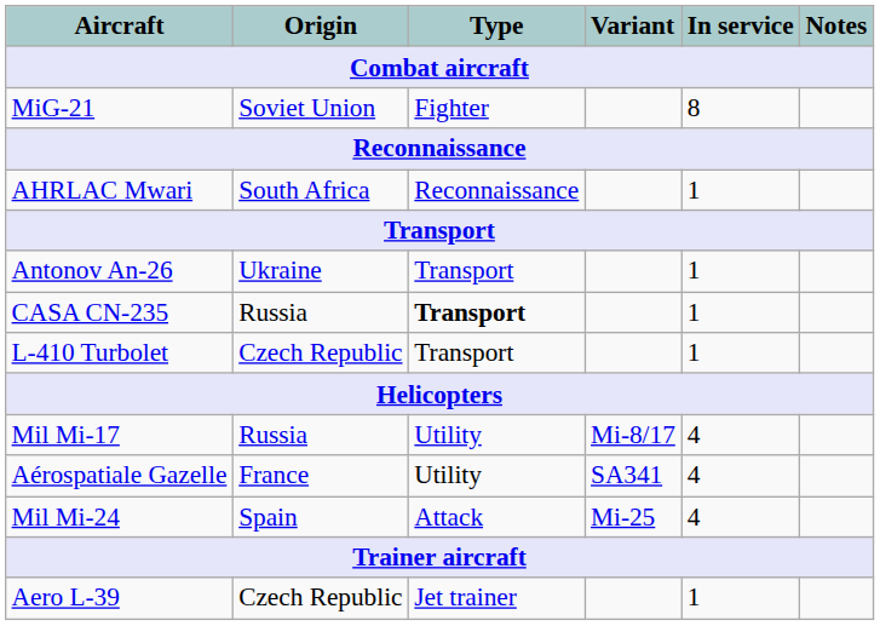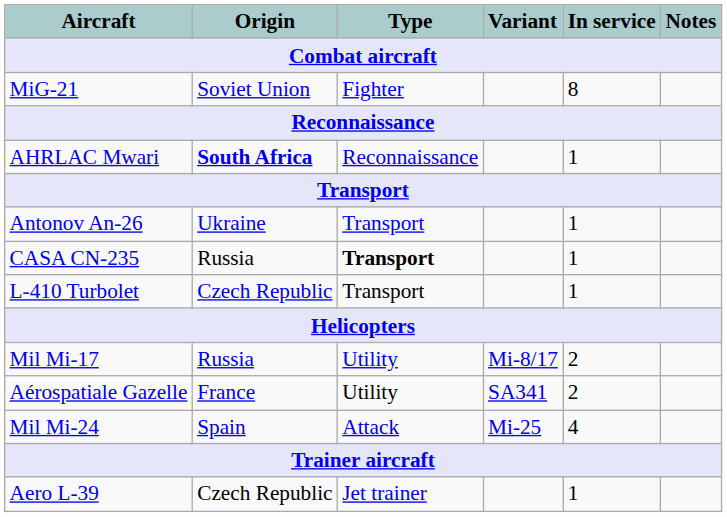 <table class="wikitable">
 <tr>
 <th style="text-align:center; background:#acc;">Aircraft</th>
 <th style="text-align: center; background:#acc;">Origin</th>
 <th style="text-align:l center; background:#acc;">Type</th>
 <th style="text-align:left; background:#acc;">Variant</th>
 <th style="text-align:center; background:#acc;">In service</th>
 <th style="text-align: center; background:#acc;">Notes</th>
 </tr>
 <tr>
 <th style="align: center; background: lavender;" colspan="7"><a href='#'>Combat aircraft</a></th>
 </tr>
 <tr>
 <td><a href='#'>MiG-21</a></td>
 <td><a href='#'>Soviet Union</a></td>
 <td><a href='#'>Fighter</a></td>
 <td></td>
 <td>8</td>
 <td></td>
 </tr>
 <tr>
 <th style="align: center; background: lavender;" colspan="7"><a href='#'>Reconnaissance</a></th>
 </tr>
 <tr>
 <td><a href='#'>AHRLAC Mwari</a></td>
-<td><a href='#'>South Africa</a></td>
+<td><strong><a href='#'>South Africa</a></strong></td>
 <td><a href='#'>Reconnaissance</a></td>
 <td></td>
 <td>1</td>
 <td></td>
 </tr>
 <tr>
 <th style="align: center; background: lavender;" colspan="7"><a href='#'>Transport</a></th>
 </tr>
 <tr>
 <td><a href='#'>Antonov An-26</a></td>
 <td><a href='#'>Ukraine</a></td>
 <td><a href='#'>Transport</a></td>
 <td></td>
 <td>1</td>
 <td></td>
 </tr>
 <tr>
 <td><a href='#'>CASA CN-235</a></td>
 <td>Russia</td>
 <td><strong>Transport</strong></td>
 <td></td>
 <td>1</td>
 <td></td>
 </tr>
 <tr>
 <td><a href='#'>L-410 Turbolet</a></td>
 <td><a href='#'>Czech Republic</a></td>
 <td>Transport</td>
 <td></td>
 <td>1</td>
 <td></td>
 </tr>
 <tr>
 <th style="align: center; background: lavender;" colspan="7"><a href='#'>Helicopters</a></th>
 </tr>
 <tr>
 <td><a href='#'>Mil Mi-17</a></td>
 <td><a href='#'>Russia</a></td>
 <td><a href='#'>Utility</a></td>
 <td><a href='#'>Mi-8/17</a></td>
-<td>4</td>
+<td>2</td>
 <td></td>
 </tr>
 <tr>
 <td><a href='#'>Aérospatiale Gazelle</a></td>
 <td><a href='#'>France</a></td>
 <td>Utility</td>
 <td><a href='#'>SA341</a></td>
-<td>4</td>
+<td>2</td>
 <td></td>
 </tr>
 <tr>
 <td><a href='#'>Mil Mi-24</a></td>
 <td><a href='#'>Spain</a></td>
 <td><a href='#'>Attack</a></td>
 <td><a href='#'>Mi-25</a></td>
 <td>4</td>
 <td></td>
 </tr>
 <tr>
 <th style="align: center; background: lavender;" colspan="7"><a href='#'>Trainer aircraft</a></th>
 </tr>
 <tr>
 <td><a href='#'> Aero L-39</a></td>
 <td>Czech Republic</td>
 <td><a href='#'>Jet trainer</a></td>
 <td></td>
 <td>1</td>
 <td></td>
 </tr>
 </table>
